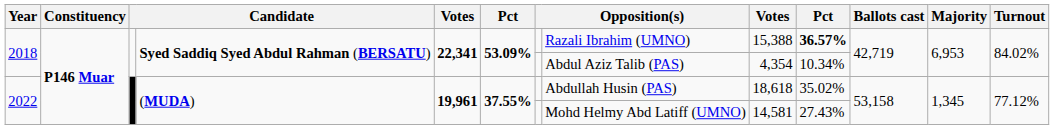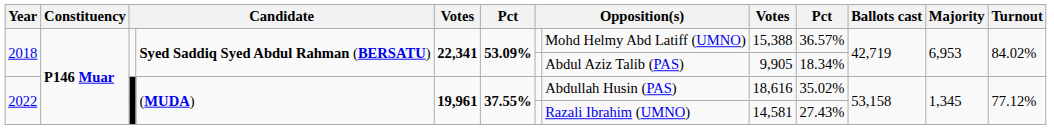 <table class="wikitable" style="margin:0.5em ; font-size:95%">
 <tr>
 <th>Year</th>
 <th>Constituency</th>
 <th colspan=2>Candidate</th>
 <th>Votes</th>
 <th>Pct</th>
 <th colspan=2>Opposition(s)</th>
 <th>Votes</th>
 <th>Pct</th>
 <th>Ballots cast</th>
 <th>Majority</th>
 <th>Turnout</th>
 </tr>
 <tr>
 <td rowspan=2><a href='#'>2018</a></td>
 <td rowspan=4><strong>P146 <a href='#'>Muar</a></strong></td>
 <td rowspan=2 ></td>
 <td rowspan=2><strong>Syed Saddiq Syed Abdul Rahman</strong> (<a href='#'><strong>BERSATU</strong></a>)</td>
 <td rowspan=2 align="right"><strong>22,341</strong></td>
 <td rowspan=2><strong>53.09%</strong></td>
 <td></td>
-<td><a href='#'>Razali Ibrahim</a> (<a href='#'>UMNO</a>)</td>
+<td>Mohd Helmy Abd Latiff (<a href='#'>UMNO</a>)</td>
 <td align="right">15,388</td>
-<td><strong>36.57%</strong></td>
+<td>36.57%</td>
 <td rowspan=2>42,719</td>
 <td rowspan=2>6,953</td>
 <td rowspan=2>84.02%</td>
 </tr>
 <tr>
 <td></td>
 <td>Abdul Aziz Talib (<a href='#'>PAS</a>)</td>
-<td align="right">4,354</td>
-<td>10.34%</td>
+<td align="right">9,905</td>
+<td>18.34%</td>
 </tr>
 <tr>
 <td rowspan=2><a href='#'>2022</a></td>
 <td rowspan=2 bgcolor="black"></td>
 <td rowspan=2> (<a href='#'><strong>MUDA</strong></a>)</td>
 <td rowspan=2 align=right><strong>19,961</strong></td>
 <td rowspan=2><strong>37.55%</strong></td>
 <td bgcolor=></td>
 <td>Abdullah Husin (<a href='#'>PAS</a>)</td>
-<td align=right>18,618</td>
+<td align=right>18,616</td>
 <td>35.02%</td>
 <td rowspan=2>53,158</td>
 <td rowspan=2>1,345</td>
 <td rowspan=2>77.12%</td>
 </tr>
 <tr>
 <td></td>
-<td>Mohd Helmy Abd Latiff (<a href='#'>UMNO</a>)</td>
+<td><a href='#'>Razali Ibrahim</a> (<a href='#'>UMNO</a>)</td>
 <td align=right>14,581</td>
 <td>27.43%</td>
 </tr>
 </table>
